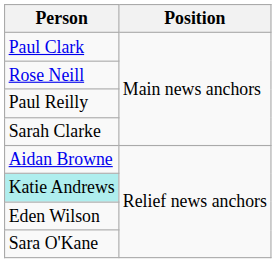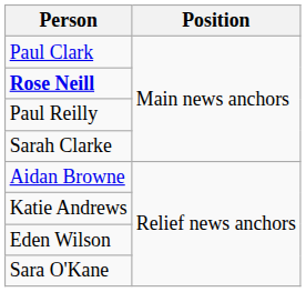 <table class="wikitable">
 <tr>
 <th>Person</th>
 <th>Position</th>
 </tr>
 <tr>
 <td><a href='#'>Paul Clark</a></td>
 <td rowspan="4">Main news anchors</td>
 </tr>
 <tr>
-<td><a href='#'>Rose Neill</a></td>
+<td><strong><a href='#'>Rose Neill</a></strong></td>
 </tr>
 <tr>
 <td>Paul Reilly</td>
 </tr>
 <tr>
 <td>Sarah Clarke</td>
 </tr>
 <tr>
 <td><a href='#'>Aidan Browne</a></td>
 <td rowspan="4">Relief news anchors</td>
 </tr>
 <tr>
-<td style="background: paleturquoise;">Katie Andrews</td>
+<td>Katie Andrews</td>
 </tr>
 <tr>
 <td>Eden Wilson</td>
 </tr>
 <tr>
 <td>Sara O'Kane</td>
 </tr>
 </table>
